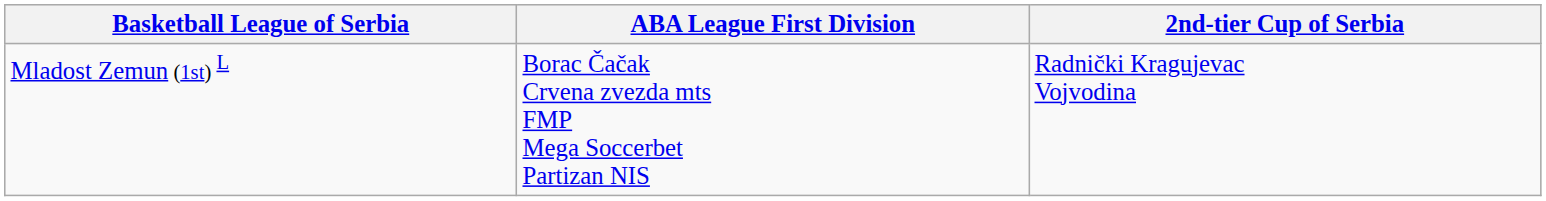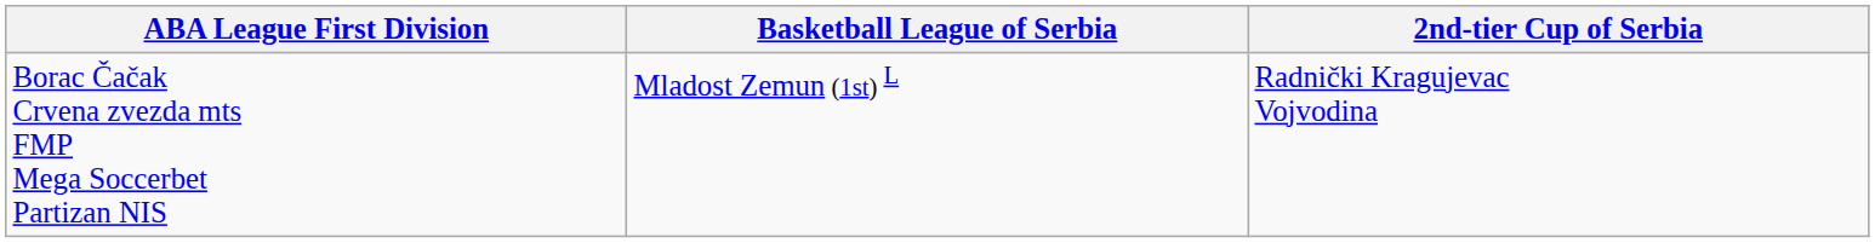 <table class=wikitable width=50%>
 <tr>
+<th width=13%><a href='#'>ABA League First Division</a></th>
 <th width=13%><a href='#'>Basketball League of Serbia</a></th>
-<th width=13%><a href='#'>ABA League First Division</a></th>
 <th width=13%><a href='#'>2nd-tier Cup of Serbia</a></th>
 </tr>
 <tr valign=top>
+<td><a href='#'>Borac Čačak</a><br><a href='#'>Crvena zvezda mts</a><br><a href='#'>FMP</a><br><a href='#'>Mega Soccerbet</a><br><a href='#'>Partizan NIS</a></td>
 <td><a href='#'>Mladost Zemun</a><small> (<a href='#'>1st</a>) </small><sup><a href='#'>L</a></sup></td>
-<td><a href='#'>Borac Čačak</a><br><a href='#'>Crvena zvezda mts</a><br><a href='#'>FMP</a><br><a href='#'>Mega Soccerbet</a><br><a href='#'>Partizan NIS</a></td>
 <td><a href='#'>Radnički Kragujevac</a> <br><a href='#'>Vojvodina</a></td>
 </tr>
 </table>
